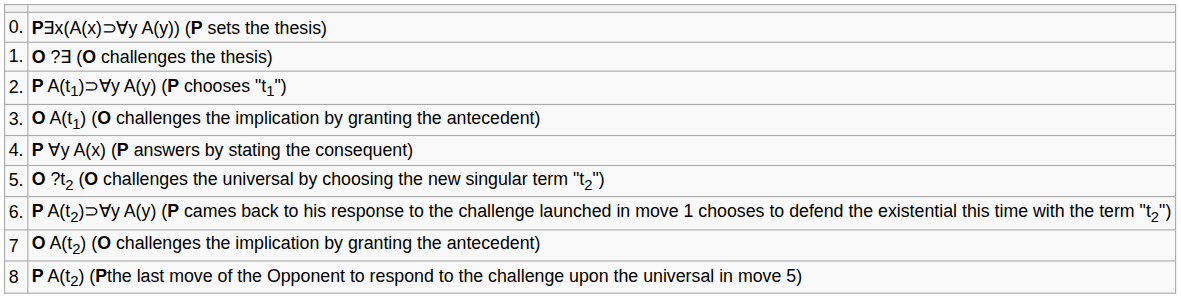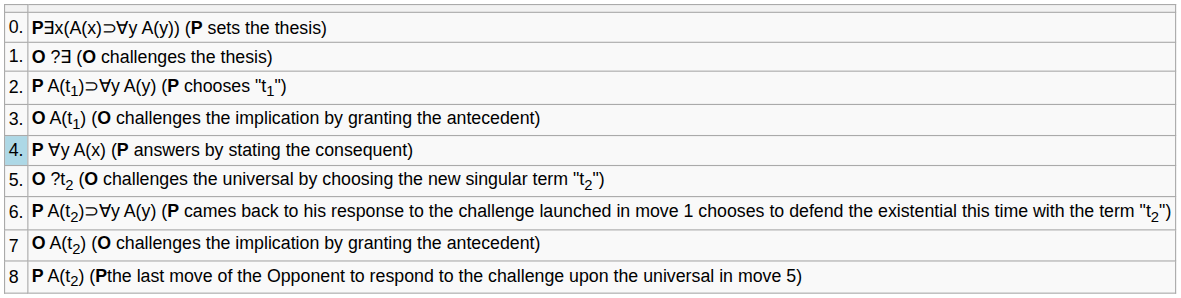 <table class="wikitable">
 <tr>
 <th></th>
 <th></th>
 </tr>
 <tr>
 <td>0.</td>
 <td><strong>P</strong>∃x(A(x)⊃∀y A(y)) (<strong>P</strong> sets the thesis)</td>
 </tr>
 <tr>
 <td>1.</td>
 <td><strong>O</strong> ?∃ (<strong>O</strong> challenges the thesis)</td>
 </tr>
 <tr>
 <td>2.</td>
 <td><strong>P</strong> A(t<sub>1</sub>)⊃∀y A(y) (<strong>P</strong> chooses "t<sub>1</sub>")</td>
 </tr>
 <tr>
 <td>3.</td>
 <td><strong>O</strong> A(t<sub>1</sub>) (<strong>O</strong> challenges the implication by granting the antecedent)</td>
 </tr>
 <tr>
-<td>4.</td>
+<td style="background: lightblue;">4.</td>
 <td><strong>P</strong> ∀y A(x) (<strong>P</strong> answers by stating the consequent)</td>
 </tr>
 <tr>
 <td>5.</td>
 <td><strong>O</strong> ?t<sub>2</sub> (<strong>O</strong> challenges the universal by choosing the new singular term "t<sub>2</sub>")</td>
 </tr>
 <tr>
 <td>6.</td>
 <td><strong>P</strong> A(t<sub>2</sub>)⊃∀y A(y) (<strong>P</strong> cames back to his response to the challenge launched in move 1 chooses to defend the existential this time with the term "t<sub>2</sub>")</td>
 </tr>
 <tr>
 <td>7</td>
 <td><strong>O</strong> A(t<sub>2</sub>) (<strong>O</strong> challenges the implication by granting the antecedent)</td>
 </tr>
 <tr>
 <td>8</td>
 <td><strong>P</strong> A(t<sub>2</sub>) (<strong>P</strong>the last move of the Opponent to respond to the challenge upon the universal in move 5)</td>
 </tr>
 </table>
